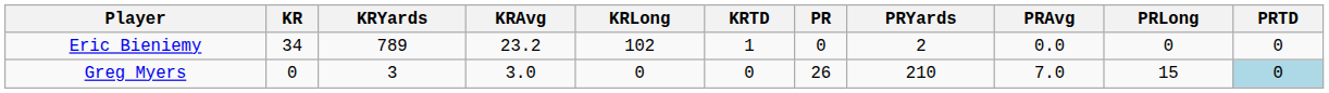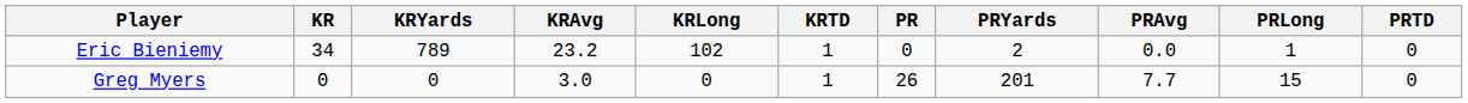 <table class="wikitable" style="text-align:center;" width="80%">
 <tr>
 <th>Player</th>
 <th>KR</th>
 <th>KRYards</th>
 <th>KRAvg</th>
 <th>KRLong</th>
 <th>KRTD</th>
 <th>PR</th>
 <th>PRYards</th>
 <th>PRAvg</th>
 <th>PRLong</th>
 <th>PRTD</th>
 </tr>
 <tr>
 <td><a href='#'>Eric Bieniemy</a></td>
 <td>34</td>
 <td>789</td>
 <td>23.2</td>
 <td>102</td>
 <td>1</td>
 <td>0</td>
 <td>2</td>
 <td>0.0</td>
-<td>0</td>
+<td>1</td>
 <td>0</td>
 </tr>
 <tr>
 <td><a href='#'>Greg Myers</a></td>
 <td>0</td>
-<td>3</td>
+<td>0</td>
 <td>3.0</td>
 <td>0</td>
+<td>1</td>
+<td>26</td>
+<td>201</td>
+<td>7.7</td>
+<td>15</td>
 <td>0</td>
-<td>26</td>
-<td>210</td>
-<td>7.0</td>
-<td>15</td>
-<td style="background: lightblue;">0</td>
 </tr>
 </table>
